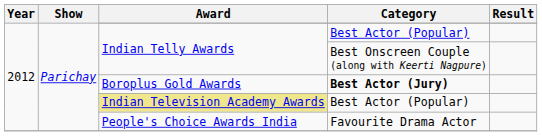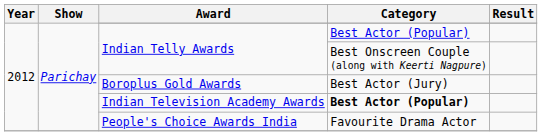 <table class="wikitable">
 <tr>
 <th>Year</th>
 <th>Show</th>
 <th>Award</th>
 <th>Category</th>
 <th>Result</th>
 </tr>
 <tr>
 <td rowspan="6">2012</td>
 <td rowspan="6"><em><a href='#'>Parichay</a></em></td>
 </tr>
 <tr>
 <td rowspan="2"><a href='#'>Indian Telly Awards</a></td>
 <td><a href='#'>Best Actor (Popular)</a></td>
 <td></td>
 </tr>
 <tr>
 <td>Best Onscreen Couple<br><small>(along with <em>Keerti Nagpure</em>)</small><br></td>
 <td></td>
 </tr>
 <tr>
 <td><a href='#'>Boroplus Gold Awards</a></td>
-<td><strong>Best Actor (Jury)</strong></td>
+<td>Best Actor (Jury)</td>
 <td></td>
 </tr>
 <tr>
-<td style="background: khaki;"><a href='#'>Indian Television Academy Awards</a></td>
-<td>Best Actor (Popular)</td>
+<td><a href='#'>Indian Television Academy Awards</a></td>
+<td><strong>Best Actor (Popular)</strong></td>
 <td></td>
 </tr>
 <tr>
 <td><a href='#'>People's Choice Awards India</a></td>
 <td>Favourite Drama Actor</td>
 <td></td>
 </tr>
 <tr>
 </tr>
 </table>
